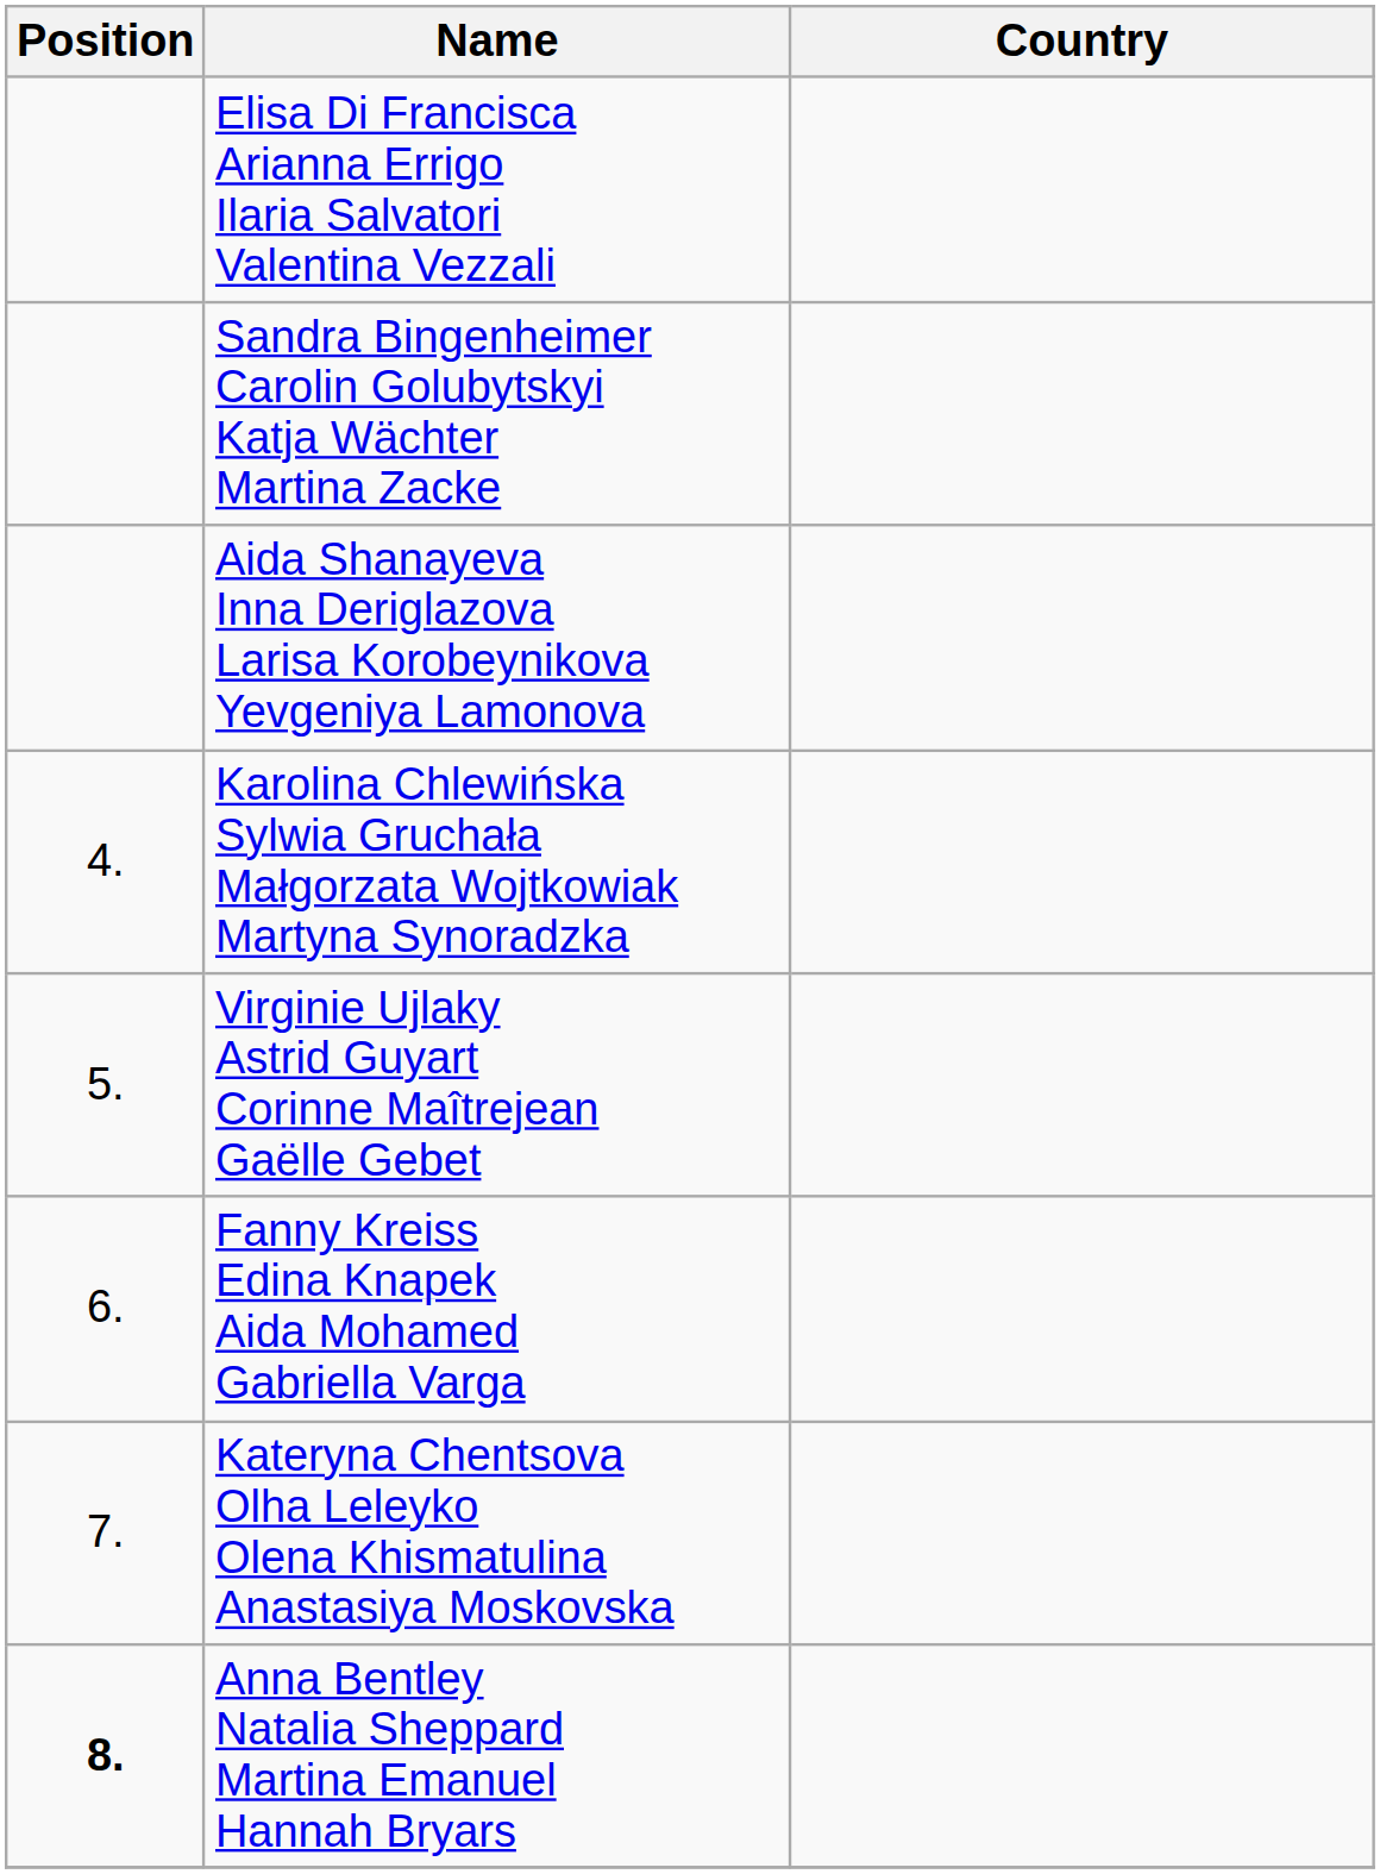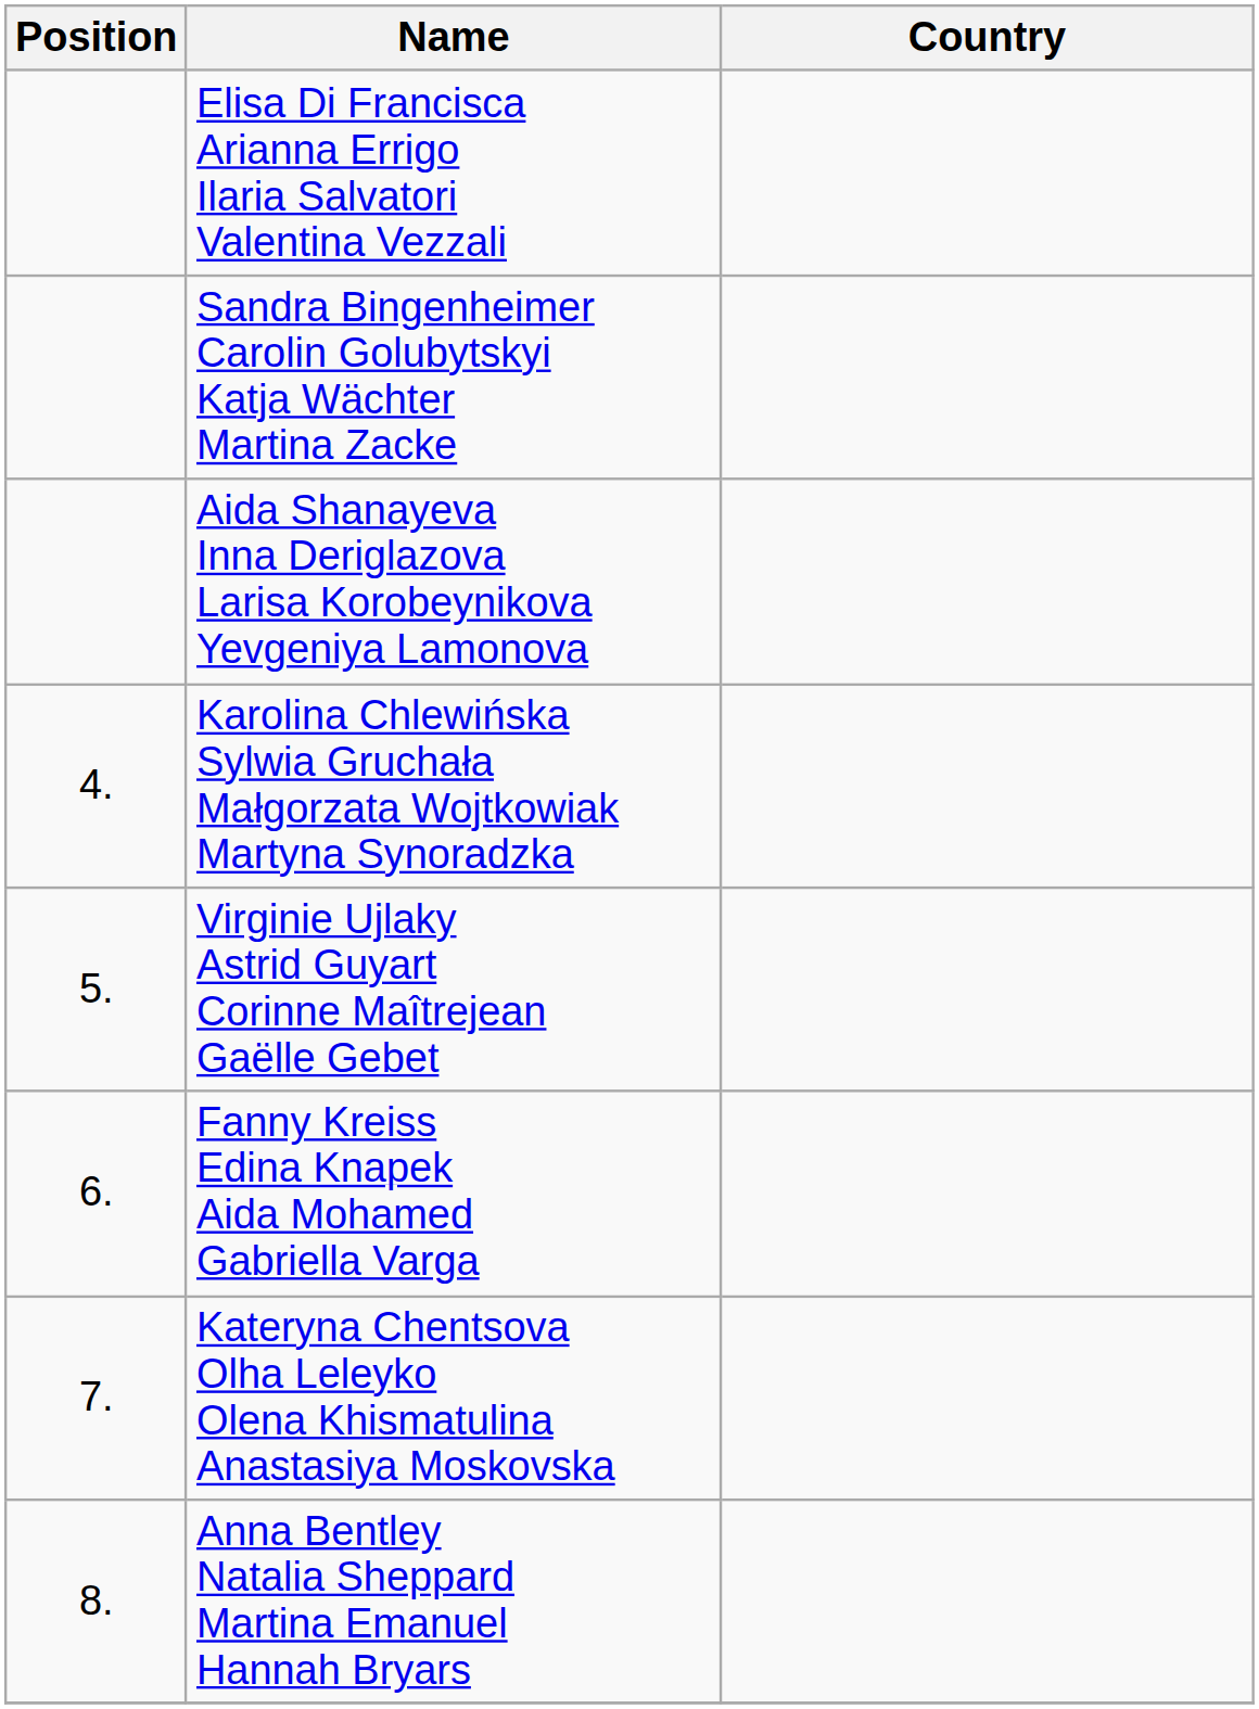 <table class="wikitable">
 <tr>
 <th width="20">Position</th>
 <th width="200">Name</th>
 <th width="200">Country</th>
 </tr>
 <tr>
 <td align="center"></td>
 <td><a href='#'>Elisa Di Francisca</a><br><a href='#'>Arianna Errigo</a><br><a href='#'>Ilaria Salvatori</a><br><a href='#'>Valentina Vezzali</a></td>
 <td></td>
 </tr>
 <tr>
 <td align="center"></td>
 <td><a href='#'>Sandra Bingenheimer</a><br><a href='#'>Carolin Golubytskyi</a><br><a href='#'>Katja Wächter</a><br><a href='#'>Martina Zacke</a></td>
 <td></td>
 </tr>
 <tr>
 <td align="center"></td>
 <td><a href='#'>Aida Shanayeva</a><br><a href='#'>Inna Deriglazova</a><br><a href='#'>Larisa Korobeynikova</a><br><a href='#'>Yevgeniya Lamonova</a></td>
 <td></td>
 </tr>
 <tr>
 <td align="center">4.</td>
 <td><a href='#'>Karolina Chlewińska</a><br><a href='#'>Sylwia Gruchała</a><br><a href='#'>Małgorzata Wojtkowiak</a><br><a href='#'>Martyna Synoradzka</a></td>
 <td></td>
 </tr>
 <tr>
 <td align="center">5.</td>
 <td><a href='#'>Virginie Ujlaky</a><br><a href='#'>Astrid Guyart</a><br><a href='#'>Corinne Maîtrejean</a><br><a href='#'>Gaëlle Gebet</a></td>
 <td></td>
 </tr>
 <tr>
 <td align="center">6.</td>
 <td><a href='#'>Fanny Kreiss</a><br><a href='#'>Edina Knapek</a><br><a href='#'>Aida Mohamed</a><br><a href='#'>Gabriella Varga</a></td>
 <td></td>
 </tr>
 <tr>
 <td align="center">7.</td>
 <td><a href='#'>Kateryna Chentsova</a><br><a href='#'>Olha Leleyko</a><br><a href='#'>Olena Khismatulina</a><br><a href='#'>Anastasiya Moskovska</a></td>
 <td></td>
 </tr>
 <tr>
-<td align="center"><strong>8.</strong></td>
+<td align="center">8.</td>
 <td><a href='#'>Anna Bentley</a><br><a href='#'>Natalia Sheppard</a><br><a href='#'>Martina Emanuel</a><br><a href='#'>Hannah Bryars</a></td>
 <td></td>
 </tr>
 <tr>
 </tr>
 </table>
